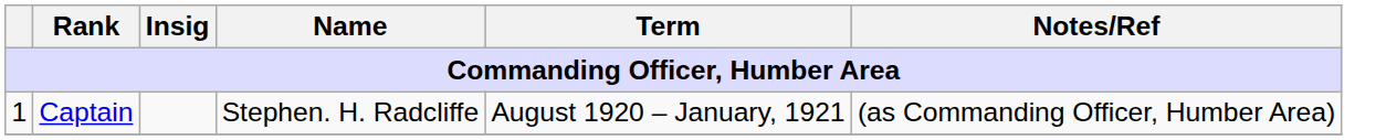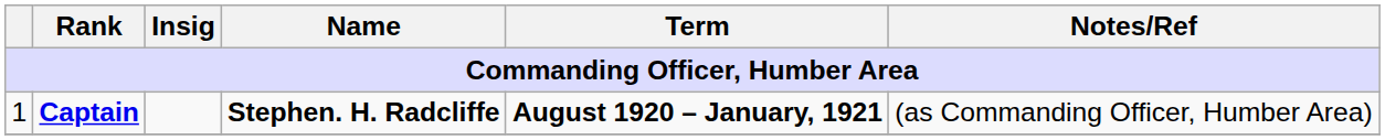 <table class="wikitable">
 <tr>
 <th></th>
 <th>Rank</th>
 <th>Insig</th>
 <th>Name</th>
 <th>Term</th>
 <th>Notes/Ref</th>
 </tr>
 <tr>
 <td colspan="6" align="center" style="background:#dcdcfe;"><strong>Commanding Officer, Humber Area</strong></td>
 </tr>
 <tr>
 <td>1</td>
-<td><a href='#'>Captain</a></td>
+<td><strong><a href='#'>Captain</a></strong></td>
 <td></td>
-<td>Stephen. H. Radcliffe</td>
-<td>August 1920 – January, 1921</td>
+<td><strong>Stephen. H. Radcliffe</strong></td>
+<td><strong>August 1920 – January, 1921</strong></td>
 <td>(as Commanding Officer, Humber Area)</td>
 </tr>
 <tr>
 </tr>
 </table>
